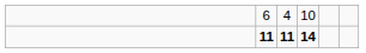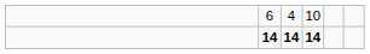 <table class="wikitable">
 <tr>
 <td style="width:18em"></td>
 <td align=center style="width:1em">6</td>
 <td align=center style="width:1em">4</td>
 <td align=center style="width:1em">10</td>
 <td align=center style="width:1em"></td>
 <td align=center style="width:1em"></td>
 </tr>
 <tr>
 <td style="width:18em"><strong></strong></td>
-<td align=center style="width:1em"><strong>11</strong></td>
-<td align=center style="width:1em"><strong>11</strong></td>
+<td align=center style="width:1em"><strong>14</strong></td>
+<td align=center style="width:1em"><strong>14</strong></td>
 <td align=center style="width:1em"><strong>14</strong></td>
 <td align=center style="width:1em"></td>
 <td align=center style="width:1em"></td>
 </tr>
 </table>
